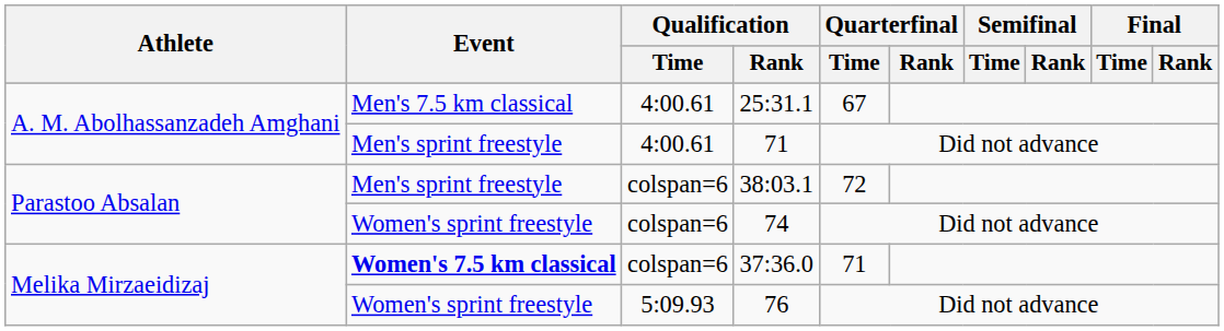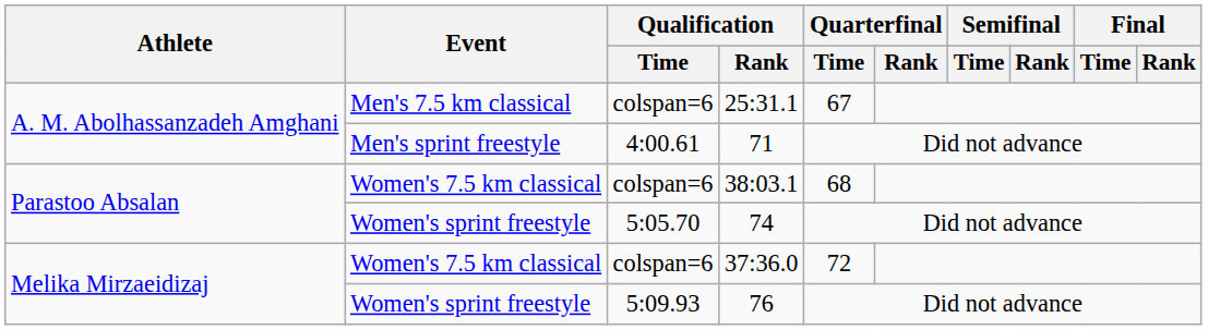 <table class="wikitable" style="font-size:90%">
 <tr>
 <th rowspan="2">Athlete</th>
 <th rowspan="2">Event</th>
 <th colspan="2">Qualification</th>
 <th colspan="2">Quarterfinal</th>
 <th colspan="2">Semifinal</th>
 <th colspan="2">Final</th>
 </tr>
 <tr style="font-size:95%">
 <th>Time</th>
 <th>Rank</th>
 <th>Time</th>
 <th>Rank</th>
 <th>Time</th>
 <th>Rank</th>
 <th>Time</th>
 <th>Rank</th>
 </tr>
 <tr align=center>
 <td align=left rowspan=2><a href='#'>A. M. Abolhassanzadeh Amghani</a></td>
 <td align=left><a href='#'>Men's 7.5 km classical</a></td>
-<td>4:00.61</td>
+<td>colspan=6</td>
 <td>25:31.1</td>
 <td>67</td>
 </tr>
 <tr align=center>
 <td align=left><a href='#'>Men's sprint freestyle</a></td>
 <td>4:00.61</td>
 <td>71</td>
 <td colspan=6>Did not advance</td>
 </tr>
 <tr align=center>
 <td align=left rowspan=2><a href='#'>Parastoo Absalan</a></td>
-<td align=left><a href='#'>Men's sprint freestyle</a></td>
+<td align=left><a href='#'>Women's 7.5 km classical</a></td>
 <td>colspan=6</td>
 <td>38:03.1</td>
-<td>72</td>
+<td>68</td>
 </tr>
 <tr align=center>
 <td align=left><a href='#'>Women's sprint freestyle</a></td>
-<td>colspan=6</td>
+<td>5:05.70</td>
 <td>74</td>
 <td colspan=6>Did not advance</td>
 </tr>
 <tr align=center>
 <td align=left rowspan=2><a href='#'>Melika Mirzaeidizaj</a></td>
-<td align=left><strong><a href='#'>Women's 7.5 km classical</a></strong></td>
+<td align=left><a href='#'>Women's 7.5 km classical</a></td>
 <td>colspan=6</td>
 <td>37:36.0</td>
-<td>71</td>
+<td>72</td>
 </tr>
 <tr align=center>
 <td align=left><a href='#'>Women's sprint freestyle</a></td>
 <td>5:09.93</td>
 <td>76</td>
 <td colspan=6>Did not advance</td>
 </tr>
 </table>
